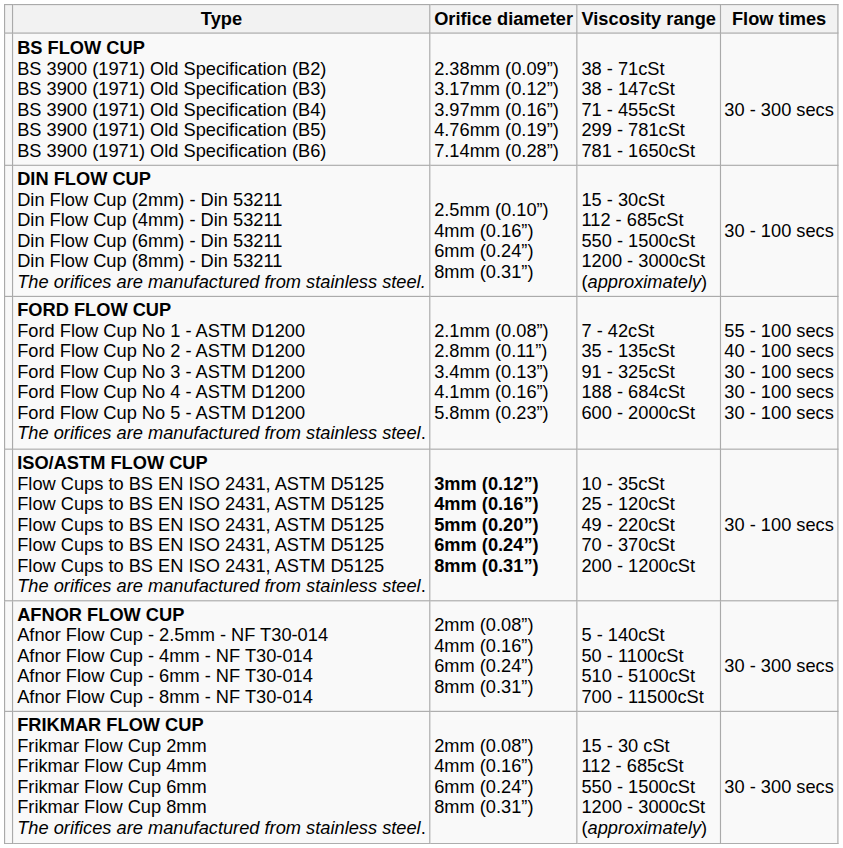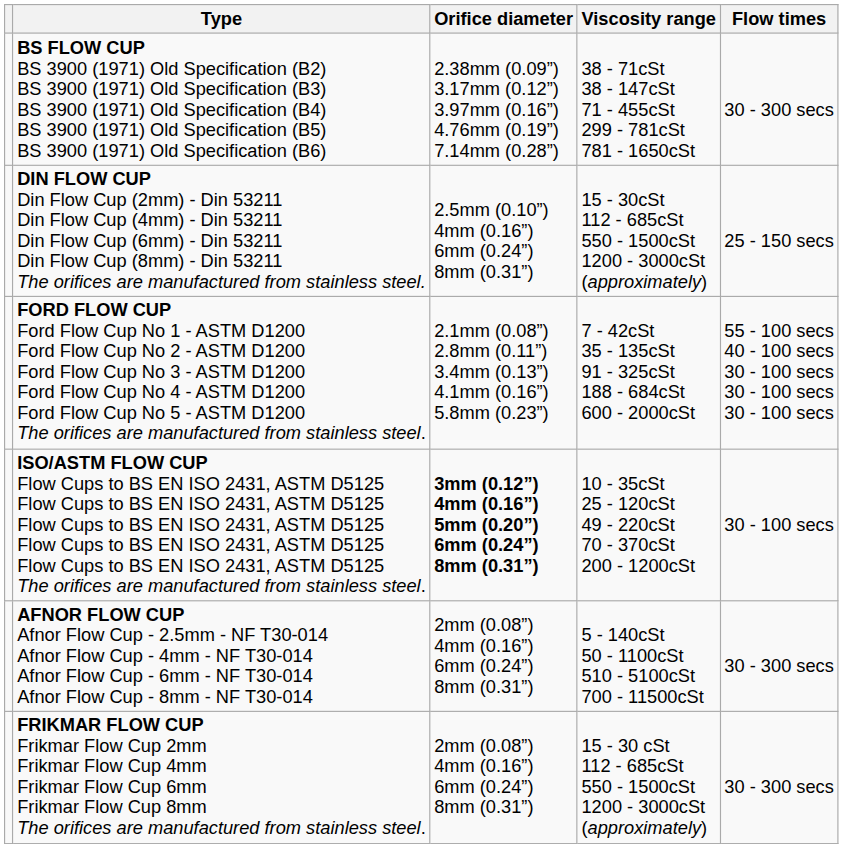 <table class="wikitable">
 <tr>
 <th></th>
 <th>Type</th>
 <th>Orifice diameter</th>
 <th>Viscosity range</th>
 <th>Flow times</th>
 </tr>
 <tr>
 <td></td>
 <td><strong>BS FLOW CUP</strong><br>BS 3900 (1971) Old Specification (B2)<br>BS 3900 (1971) Old Specification (B3)<br>BS 3900 (1971) Old Specification (B4)<br>BS 3900 (1971) Old Specification (B5)<br>BS 3900 (1971) Old Specification (B6)</td>
 <td><br> 2.38mm (0.09”)<br>3.17mm (0.12”)<br>3.97mm (0.16”)<br>4.76mm (0.19”)<br>7.14mm (0.28”)</td>
 <td><br> 38 - 71cSt <br>38 - 147cSt <br>71 - 455cSt <br>299 - 781cSt <br>781 - 1650cSt <br></td>
 <td><br> 30 - 300 secs</td>
 </tr>
 <tr>
 <td></td>
 <td><strong>DIN FLOW CUP</strong><br>Din Flow Cup (2mm) - Din 53211<br>Din Flow Cup (4mm) - Din 53211<br>Din Flow Cup (6mm) - Din 53211<br>Din Flow Cup (8mm) - Din 53211<br><em>The orifices are manufactured from stainless steel.</em></td>
 <td><br>2.5mm (0.10”)<br>4mm (0.16”)<br>6mm (0.24”)<br>8mm (0.31”)</td>
 <td><br>15 - 30cSt<br>112 - 685cSt<br>550 - 1500cSt<br>1200 - 3000cSt<br>(<em>approximately</em>)</td>
-<td>30 - 100 secs</td>
+<td><br>25 - 150 secs</td>
 </tr>
 <tr>
 <td></td>
 <td><strong>FORD FLOW CUP</strong><br>Ford Flow Cup No 1 - ASTM D1200<br>Ford Flow Cup No 2 - ASTM D1200<br>Ford Flow Cup No 3 - ASTM D1200<br>Ford Flow Cup No 4 - ASTM D1200<br>Ford Flow Cup No 5 - ASTM D1200<br><em>The orifices are manufactured from stainless steel</em>.</td>
 <td>2.1mm (0.08”)<br>2.8mm (0.11”)<br>3.4mm (0.13”)<br>4.1mm (0.16”)<br>5.8mm (0.23”)</td>
 <td>7 - 42cSt<br>35 - 135cSt<br>91 - 325cSt<br>188 - 684cSt<br>600 - 2000cSt</td>
 <td>55 - 100 secs<br>40 - 100 secs<br>30 - 100 secs<br>30 - 100 secs<br>30 - 100 secs</td>
 </tr>
 <tr>
 <td></td>
 <td><strong>ISO/ASTM FLOW CUP</strong><br>Flow Cups to BS EN ISO 2431, ASTM D5125<br>Flow Cups to BS EN ISO 2431, ASTM D5125<br>Flow Cups to BS EN ISO 2431, ASTM D5125<br>Flow Cups to BS EN ISO 2431, ASTM D5125<br>Flow Cups to BS EN ISO 2431, ASTM D5125<br><em>The orifices are manufactured from stainless steel</em>.</td>
 <td><strong>3mm (0.12”)<br>4mm (0.16”)<br>5mm (0.20”)<br>6mm (0.24”)<br>8mm (0.31”)</strong></td>
 <td>10 - 35cSt<br>25 - 120cSt<br>49 - 220cSt<br>70 - 370cSt<br>200 - 1200cSt<br></td>
 <td>30 - 100 secs</td>
 </tr>
 <tr>
 <td></td>
 <td><strong>AFNOR FLOW CUP</strong><br>Afnor Flow Cup - 2.5mm - NF T30-014<br>Afnor Flow Cup - 4mm - NF T30-014<br>Afnor Flow Cup - 6mm - NF T30-014<br>Afnor Flow Cup - 8mm - NF T30-014</td>
 <td>2mm (0.08”)<br>4mm (0.16”)<br>6mm (0.24”)<br>8mm (0.31”)</td>
 <td><br> 5 - 140cSt<br>50 - 1100cSt<br>510 - 5100cSt<br>700 - 11500cSt</td>
 <td><br> 30 - 300 secs</td>
 </tr>
 <tr>
 <td></td>
 <td><strong>FRIKMAR FLOW CUP</strong><br>Frikmar Flow Cup 2mm<br>Frikmar Flow Cup 4mm<br>Frikmar Flow Cup 6mm<br>Frikmar Flow Cup 8mm<br><em>The orifices are manufactured from stainless steel</em>.</td>
 <td>2mm (0.08”)<br>4mm (0.16”)<br>6mm (0.24”)<br>8mm (0.31”)</td>
 <td><br>15 - 30 cSt<br>112 - 685cSt<br>550 - 1500cSt<br>1200 - 3000cSt<br>(<em>approximately</em>)</td>
 <td><br> 30 - 300 secs</td>
 </tr>
 </table>
